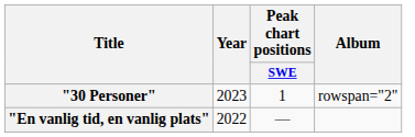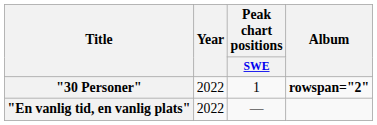 <table class="wikitable plainrowheaders" style="text-align:center;">
 <tr>
 <th scope="col" rowspan="2">Title</th>
 <th scope="col" rowspan="2">Year</th>
 <th scope="col" colspan="1">Peak chart positions</th>
 <th scope="col" rowspan="2">Album</th>
 </tr>
 <tr>
 <th scope="col" style="width:3em;font-size:85%;"><a href='#'>SWE</a></th>
 </tr>
 <tr>
 <th scope="row">"30 Personer"</th>
-<td>2023</td>
+<td>2022</td>
 <td>1</td>
-<td>rowspan="2" </td>
+<td><strong>rowspan="2" </strong></td>
 </tr>
 <tr>
 <th scope="row">"En vanlig tid, en vanlig plats"<br></th>
 <td>2022</td>
 <td>—</td>
 </tr>
 </table>
